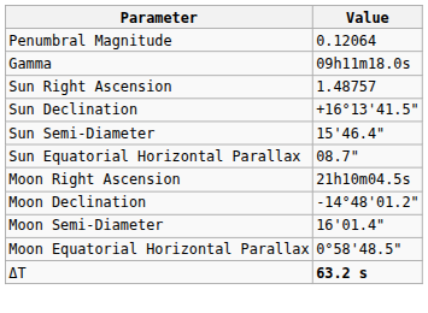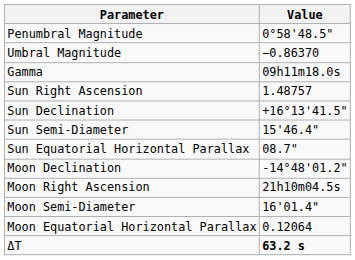 <table class="wikitable">
 <tr>
 <th>Parameter</th>
 <th>Value</th>
 </tr>
 <tr>
 <td>Penumbral Magnitude</td>
-<td>0.12064</td>
+<td>0°58'48.5"</td>
+</tr>
+<tr>
+<td>Umbral Magnitude</td>
+<td>−0.86370</td>
 </tr>
 <tr>
 <td>Gamma</td>
 <td>09h11m18.0s</td>
 </tr>
 <tr>
 <td>Sun Right Ascension</td>
 <td>1.48757</td>
 </tr>
 <tr>
 <td>Sun Declination</td>
 <td>+16°13'41.5"</td>
 </tr>
 <tr>
 <td>Sun Semi-Diameter</td>
 <td>15'46.4"</td>
 </tr>
 <tr>
 <td>Sun Equatorial Horizontal Parallax</td>
 <td>08.7"</td>
 </tr>
 <tr>
+<td>Moon Declination</td>
+<td>-14°48'01.2"</td>
+</tr>
+<tr>
 <td>Moon Right Ascension</td>
 <td>21h10m04.5s</td>
-</tr>
-<tr>
-<td>Moon Declination</td>
-<td>-14°48'01.2"</td>
 </tr>
 <tr>
 <td>Moon Semi-Diameter</td>
 <td>16'01.4"</td>
 </tr>
 <tr>
 <td>Moon Equatorial Horizontal Parallax</td>
-<td>0°58'48.5"</td>
+<td>0.12064</td>
 </tr>
 <tr>
 <td>ΔT</td>
 <td><strong>63.2 s</strong></td>
 </tr>
 </table>
